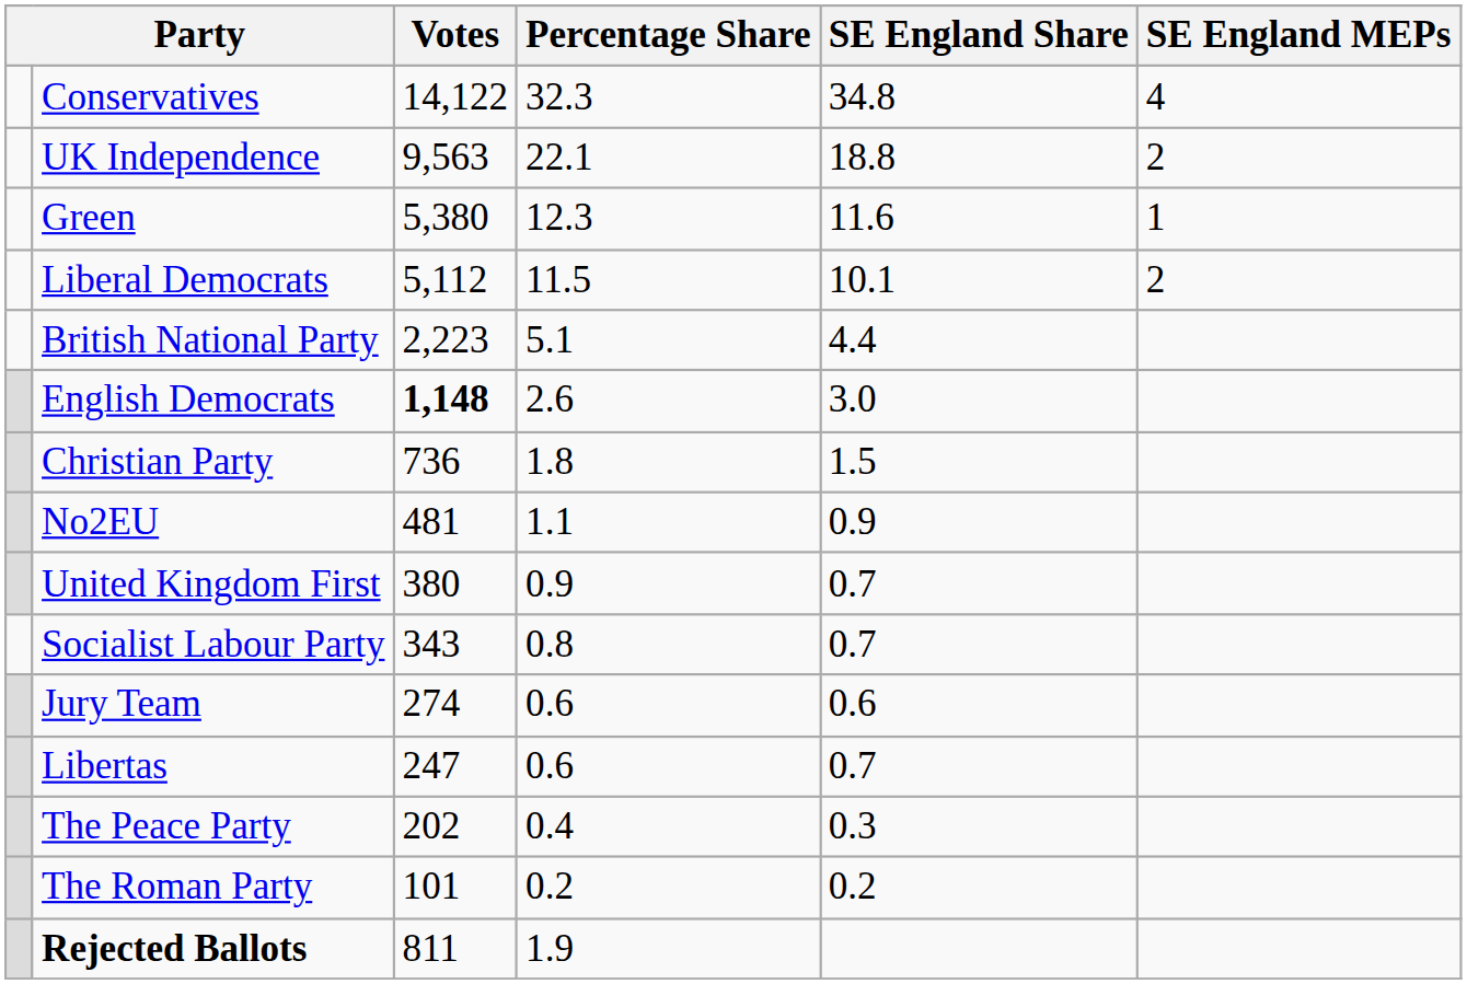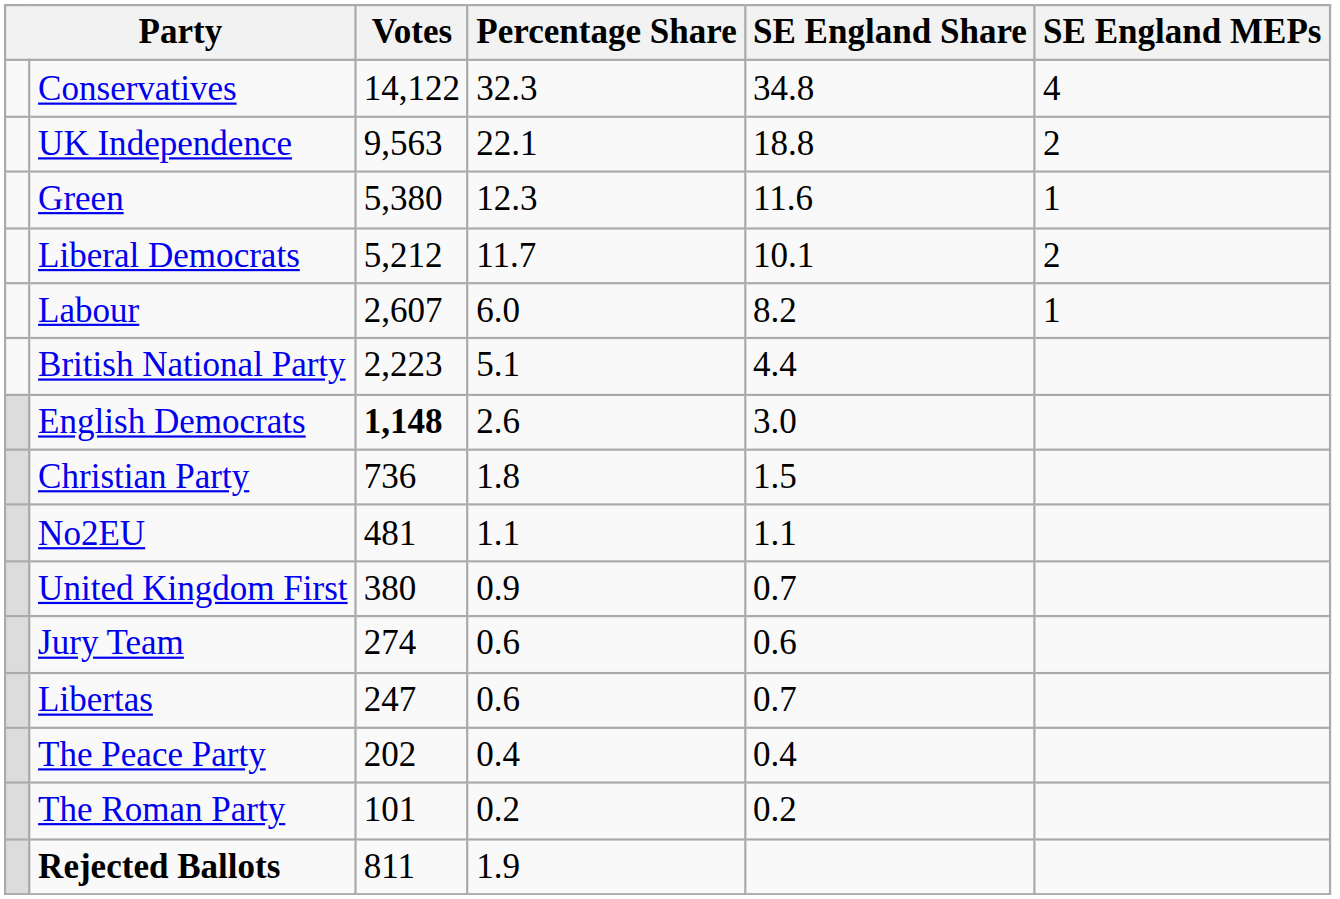 <table class="wikitable">
 <tr>
 <th colspan="2">Party</th>
 <th>Votes</th>
 <th>Percentage Share</th>
 <th>SE England Share</th>
 <th>SE England MEPs</th>
 </tr>
 <tr>
 <td></td>
 <td><a href='#'>Conservatives</a></td>
 <td>14,122</td>
 <td>32.3</td>
 <td>34.8</td>
 <td>4</td>
 </tr>
 <tr>
 <td></td>
 <td><a href='#'>UK Independence</a></td>
 <td>9,563</td>
 <td>22.1</td>
 <td>18.8</td>
 <td>2</td>
 </tr>
 <tr>
 <td></td>
 <td><a href='#'>Green</a></td>
 <td>5,380</td>
 <td>12.3</td>
 <td>11.6</td>
 <td>1</td>
 </tr>
 <tr>
 <td></td>
 <td><a href='#'>Liberal Democrats</a></td>
-<td>5,112</td>
-<td>11.5</td>
+<td>5,212</td>
+<td>11.7</td>
 <td>10.1</td>
 <td>2</td>
+</tr>
+<tr>
+<td></td>
+<td><a href='#'>Labour</a></td>
+<td>2,607</td>
+<td>6.0</td>
+<td>8.2</td>
+<td>1</td>
 </tr>
 <tr>
 <td></td>
 <td><a href='#'>British National Party</a></td>
 <td>2,223</td>
 <td>5.1</td>
 <td>4.4</td>
 <td></td>
 </tr>
 <tr>
 <td bgcolor="gainsboro"> </td>
 <td><a href='#'>English Democrats</a></td>
 <td><strong>1,148</strong></td>
 <td>2.6</td>
 <td>3.0</td>
 <td></td>
 </tr>
 <tr>
 <td bgcolor="gainsboro"> </td>
 <td><a href='#'>Christian Party</a></td>
 <td>736</td>
 <td>1.8</td>
 <td>1.5</td>
 <td></td>
 </tr>
 <tr>
 <td bgcolor="gainsboro"> </td>
 <td><a href='#'>No2EU</a></td>
 <td>481</td>
 <td>1.1</td>
-<td>0.9</td>
+<td>1.1</td>
 <td></td>
 </tr>
 <tr>
 <td bgcolor="gainsboro"> </td>
 <td><a href='#'>United Kingdom First</a></td>
 <td>380</td>
 <td>0.9</td>
-<td>0.7</td>
-<td></td>
-</tr>
-<tr>
-<td> </td>
-<td><a href='#'>Socialist Labour Party</a></td>
-<td>343</td>
-<td>0.8</td>
 <td>0.7</td>
 <td></td>
 </tr>
 <tr>
 <td bgcolor="gainsboro"> </td>
 <td><a href='#'>Jury Team</a></td>
 <td>274</td>
 <td>0.6</td>
 <td>0.6</td>
 <td></td>
 </tr>
 <tr>
 <td bgcolor="gainsboro"> </td>
 <td><a href='#'>Libertas</a></td>
 <td>247</td>
 <td>0.6</td>
 <td>0.7</td>
 <td></td>
 </tr>
 <tr>
 <td bgcolor="gainsboro"> </td>
 <td><a href='#'>The Peace Party</a></td>
 <td>202</td>
 <td>0.4</td>
-<td>0.3</td>
+<td>0.4</td>
 <td></td>
 </tr>
 <tr>
 <td bgcolor="gainsboro"> </td>
 <td><a href='#'>The Roman Party</a></td>
 <td>101</td>
 <td>0.2</td>
 <td>0.2</td>
 <td></td>
 </tr>
 <tr>
 <td bgcolor="gainsboro"> </td>
 <td><strong>Rejected Ballots</strong></td>
 <td>811</td>
 <td>1.9</td>
 <td></td>
 <td></td>
 </tr>
 </table>
